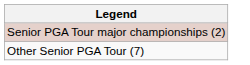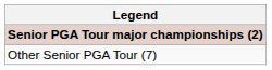 <table class="wikitable" style="font-size:95%;">
 <tr>
 <th>Legend</th>
 </tr>
 <tr style="background:#e5d1cb;">
-<td>Senior PGA Tour major championships  (2)</td>
+<td><strong>Senior PGA Tour major championships  (2)</strong></td>
 </tr>
 <tr>
 <td>Other Senior PGA Tour (7)</td>
 </tr>
 </table>
